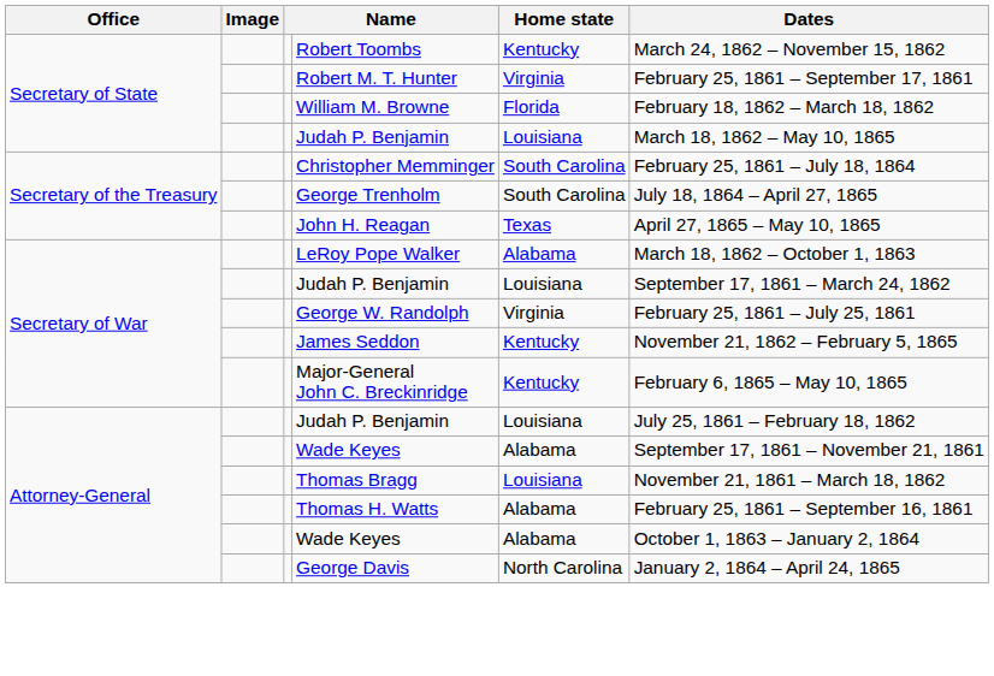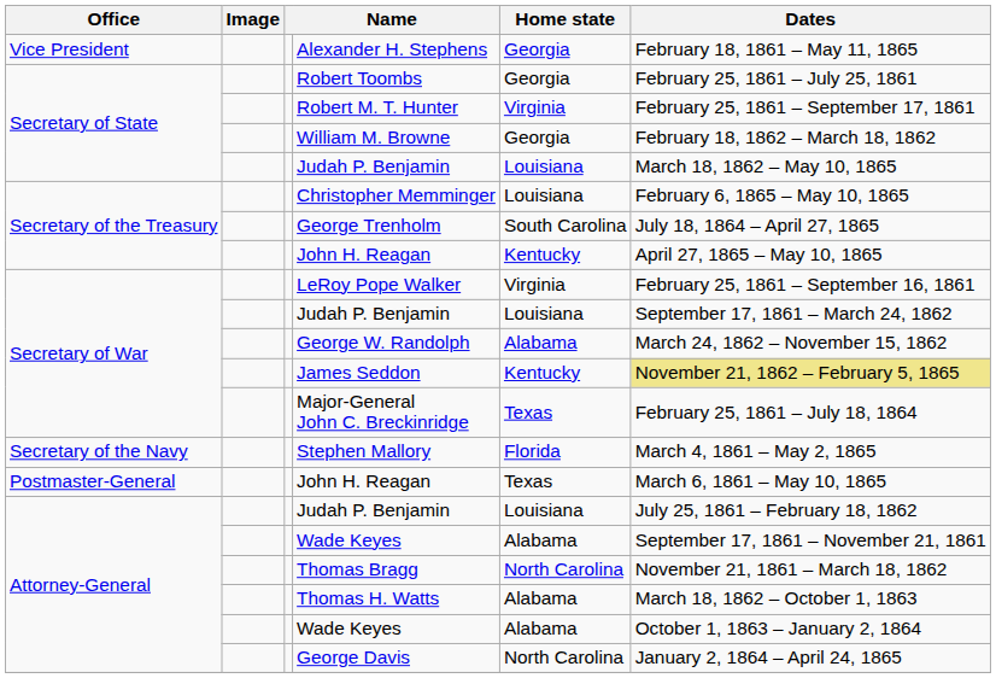 <table class="wikitable">
 <tr>
 <th>Office</th>
 <th>Image</th>
 <th colspan=2>Name</th>
 <th>Home state</th>
 <th>Dates</th>
 </tr>
 <tr>
+<td><a href='#'>Vice President</a></td>
+<td></td>
+<td style="background: "></td>
+<td><a href='#'>Alexander H. Stephens</a></td>
+<td><a href='#'>Georgia</a></td>
+<td>February 18, 1861 – May 11, 1865</td>
+</tr>
+<tr>
 <td rowspan=4><a href='#'>Secretary of State</a></td>
 <td></td>
 <td style="background: "></td>
 <td><a href='#'>Robert Toombs</a></td>
-<td><a href='#'>Kentucky</a></td>
-<td>March 24, 1862 – November 15, 1862</td>
+<td>Georgia</td>
+<td>February 25, 1861 – July 25, 1861</td>
 </tr>
 <tr>
 <td></td>
 <td style="background: "></td>
 <td><a href='#'>Robert M. T. Hunter</a></td>
 <td><a href='#'>Virginia</a></td>
 <td>February 25, 1861 – September 17, 1861</td>
 </tr>
 <tr>
 <td></td>
 <td style="background: "></td>
 <td><a href='#'>William M. Browne</a></td>
-<td><a href='#'>Florida</a></td>
+<td>Georgia</td>
 <td>February 18, 1862 – March 18, 1862</td>
 </tr>
 <tr>
 <td></td>
 <td style="background: "></td>
 <td><a href='#'>Judah P. Benjamin</a></td>
 <td><a href='#'>Louisiana</a></td>
 <td>March 18, 1862 – May 10, 1865</td>
 </tr>
 <tr>
 <td rowspan=3><a href='#'>Secretary of the Treasury</a></td>
 <td></td>
 <td style="background: "></td>
 <td><a href='#'>Christopher Memminger</a></td>
-<td><a href='#'>South Carolina</a></td>
-<td>February 25, 1861 – July 18, 1864</td>
+<td>Louisiana</td>
+<td>February 6, 1865 – May 10, 1865</td>
 </tr>
 <tr>
 <td></td>
 <td style="background: "></td>
 <td><a href='#'>George Trenholm</a></td>
 <td>South Carolina</td>
 <td>July 18, 1864 – April 27, 1865</td>
 </tr>
 <tr>
 <td></td>
 <td style="background: "></td>
 <td><a href='#'>John H. Reagan</a></td>
-<td><a href='#'>Texas</a></td>
+<td><a href='#'>Kentucky</a></td>
 <td>April 27, 1865 – May 10, 1865</td>
 </tr>
 <tr>
 <td rowspan=5><a href='#'>Secretary of War</a></td>
 <td></td>
 <td style="background: "></td>
 <td><a href='#'>LeRoy Pope Walker</a></td>
-<td><a href='#'>Alabama</a></td>
-<td>March 18, 1862 – October 1, 1863</td>
+<td>Virginia</td>
+<td>February 25, 1861 – September 16, 1861</td>
 </tr>
 <tr>
 <td></td>
 <td style="background: "></td>
 <td>Judah P. Benjamin</td>
 <td>Louisiana</td>
 <td>September 17, 1861 – March 24, 1862</td>
 </tr>
 <tr>
 <td></td>
 <td style="background: "></td>
 <td><a href='#'>George W. Randolph</a></td>
-<td>Virginia</td>
-<td>February 25, 1861 – July 25, 1861</td>
+<td><a href='#'>Alabama</a></td>
+<td>March 24, 1862 – November 15, 1862</td>
 </tr>
 <tr>
 <td></td>
 <td style="background: "></td>
 <td><a href='#'>James Seddon</a></td>
 <td><a href='#'>Kentucky</a></td>
-<td>November 21, 1862 – February 5, 1865</td>
+<td style="background: khaki;">November 21, 1862 – February 5, 1865</td>
 </tr>
 <tr>
 <td> </td>
 <td style="background: "></td>
 <td>Major-General <br><a href='#'>John C. Breckinridge</a></td>
-<td><a href='#'>Kentucky</a></td>
-<td>February 6, 1865 – May 10, 1865</td>
+<td><a href='#'>Texas</a></td>
+<td>February 25, 1861 – July 18, 1864</td>
+</tr>
+<tr>
+<td><a href='#'>Secretary of the Navy</a></td>
+<td></td>
+<td style="background: "></td>
+<td><a href='#'>Stephen Mallory</a></td>
+<td><a href='#'>Florida</a></td>
+<td>March 4, 1861 – May 2, 1865</td>
+</tr>
+<tr>
+<td><a href='#'>Postmaster-General</a></td>
+<td></td>
+<td style="background: "></td>
+<td>John H. Reagan</td>
+<td>Texas</td>
+<td>March 6, 1861 – May 10, 1865</td>
 </tr>
 <tr>
 <td rowspan=6><a href='#'>Attorney-General</a></td>
 <td></td>
 <td style="background: "></td>
 <td>Judah P. Benjamin</td>
 <td>Louisiana</td>
 <td>July 25, 1861 – February 18, 1862</td>
 </tr>
 <tr>
 <td></td>
 <td style="background: "></td>
 <td><a href='#'>Wade Keyes</a></td>
 <td>Alabama</td>
 <td>September 17, 1861 – November 21, 1861</td>
 </tr>
 <tr>
 <td></td>
 <td style="background: "></td>
 <td><a href='#'>Thomas Bragg</a></td>
-<td><a href='#'>Louisiana</a></td>
+<td><a href='#'>North Carolina</a></td>
 <td>November 21, 1861 – March 18, 1862</td>
 </tr>
 <tr>
 <td></td>
 <td style="background: "></td>
 <td><a href='#'>Thomas H. Watts</a></td>
 <td>Alabama</td>
-<td>February 25, 1861 – September 16, 1861</td>
+<td>March 18, 1862 – October 1, 1863</td>
 </tr>
 <tr>
 <td></td>
 <td style="background: "></td>
 <td>Wade Keyes</td>
 <td>Alabama</td>
 <td>October 1, 1863 – January 2, 1864</td>
 </tr>
 <tr>
 <td></td>
 <td style="background: "></td>
 <td><a href='#'>George Davis</a></td>
 <td>North Carolina</td>
 <td>January 2, 1864 – April 24, 1865</td>
 </tr>
 <tr>
 </tr>
 </table>
